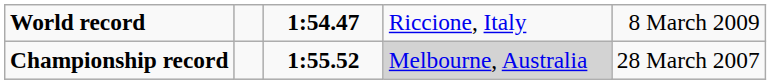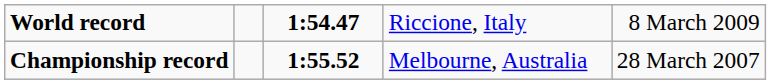 <table class="wikitable">
 <tr>
 <td><strong>World record</strong></td>
 <td style="padding-right:1em"></td>
 <td style="text-align:center;padding-left:1em; padding-right:1em;"><strong>1:54.47</strong></td>
 <td style="padding-right:1em"><a href='#'>Riccione</a>, <a href='#'>Italy</a></td>
 <td align=right>8 March 2009</td>
 </tr>
 <tr>
 <td><strong>Championship record</strong></td>
 <td style="padding-right:1em"></td>
 <td style="text-align:center;padding-left:1em; padding-right:1em;"><strong>1:55.52</strong></td>
-<td style="background: lightgrey; padding-right:1em"><a href='#'>Melbourne</a>, <a href='#'>Australia</a></td>
+<td style="padding-right:1em"><a href='#'>Melbourne</a>, <a href='#'>Australia</a></td>
 <td align=right>28 March 2007</td>
 </tr>
 </table>
